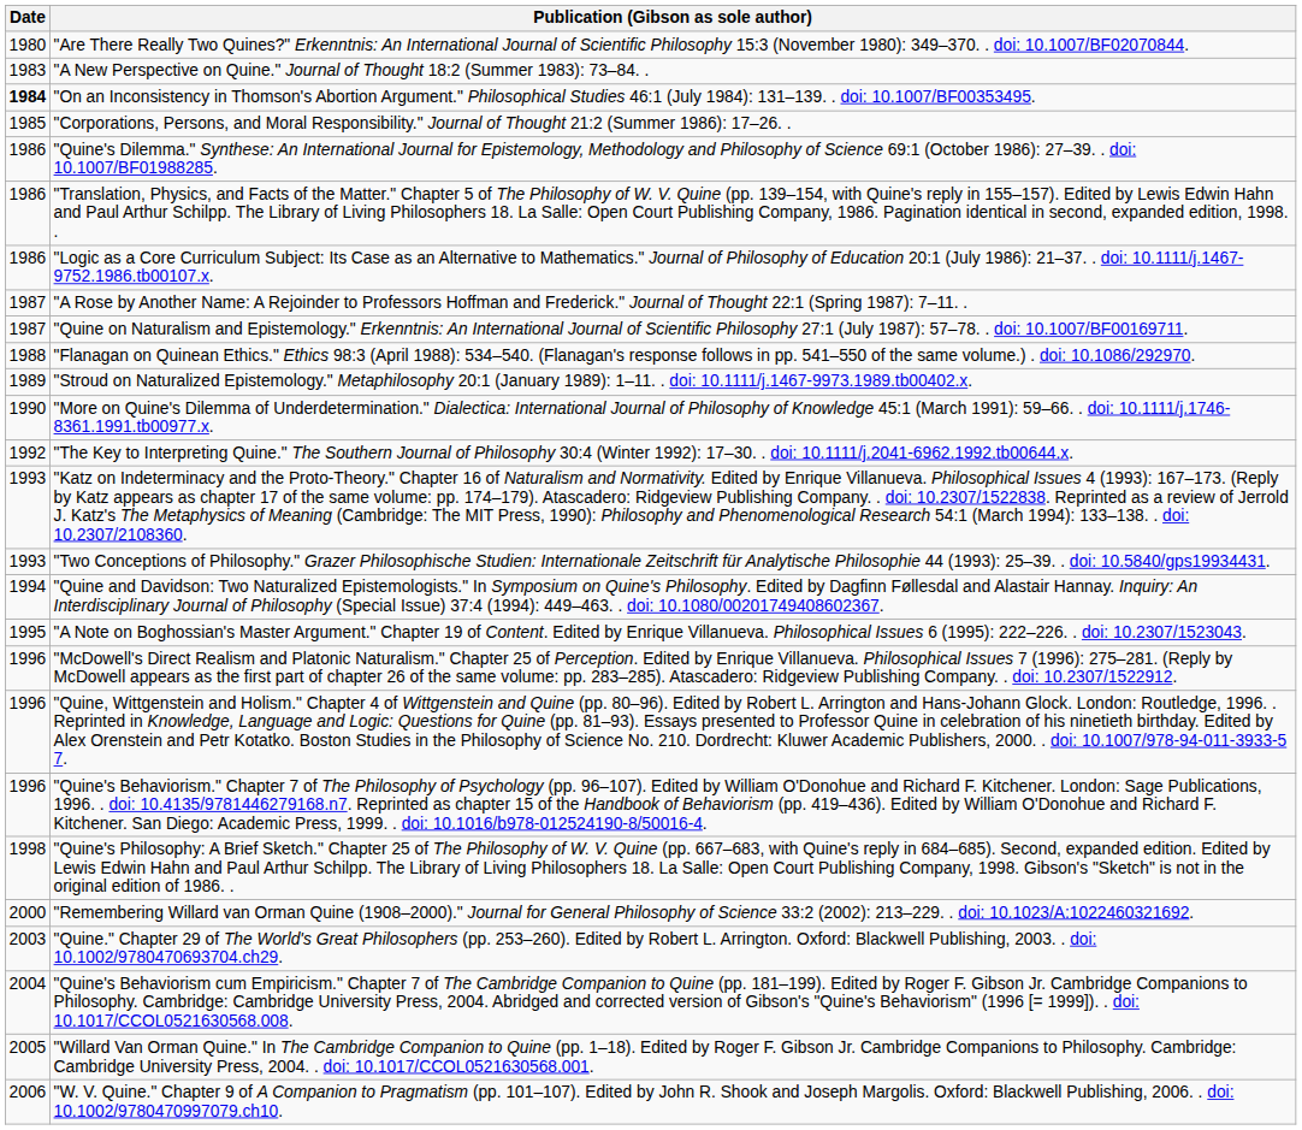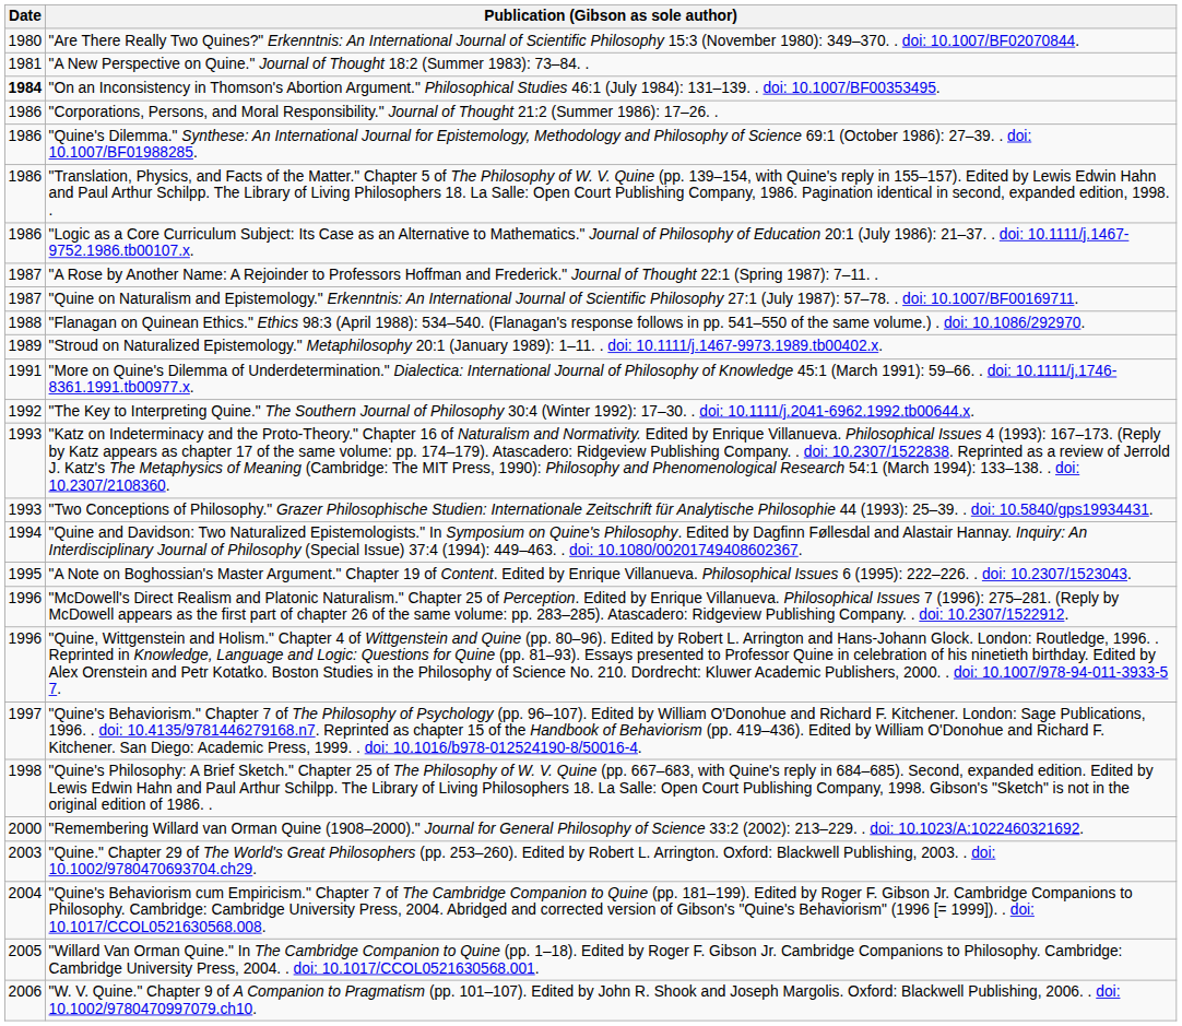 <table class="wikitable sortable">
 <tr>
 <th>Date</th>
 <th>Publication (Gibson as sole author)</th>
 </tr>
 <tr style="vertical-align:top;">
 <td>1980</td>
 <td>"Are There Really Two Quines?" <em>Erkenntnis: An International Journal of Scientific Philosophy</em> 15:3 (November 1980): 349–370. . <a href='#'>doi: 10.1007/BF02070844</a>.</td>
 </tr>
 <tr style="vertical-align:top;">
-<td>1983</td>
+<td>1981</td>
 <td>"A New Perspective on Quine." <em>Journal of Thought</em> 18:2 (Summer 1983): 73–84. .</td>
 </tr>
 <tr style="vertical-align:top;">
 <td><strong>1984</strong></td>
 <td>"On an Inconsistency in Thomson's Abortion Argument." <em>Philosophical Studies</em> 46:1 (July 1984): 131–139. . <a href='#'>doi: 10.1007/BF00353495</a>.</td>
 </tr>
 <tr style="vertical-align:top;">
-<td>1985</td>
+<td>1986</td>
 <td>"Corporations, Persons, and Moral Responsibility." <em>Journal of Thought</em> 21:2 (Summer 1986): 17–26. .</td>
 </tr>
 <tr style="vertical-align:top;">
 <td>1986</td>
 <td>"Quine's Dilemma." <em>Synthese: An International Journal for Epistemology, Methodology and Philosophy of Science</em> 69:1 (October 1986): 27–39. . <a href='#'>doi: 10.1007/BF01988285</a>.</td>
 </tr>
 <tr style="vertical-align:top;">
 <td>1986</td>
 <td>"Translation, Physics, and Facts of the Matter." Chapter 5 of <em>The Philosophy of W. V. Quine</em> (pp. 139–154, with Quine's reply in 155–157). Edited by Lewis Edwin Hahn and Paul Arthur Schilpp. The Library of Living Philosophers 18. La Salle: Open Court Publishing Company, 1986. Pagination identical in second, expanded edition, 1998. .</td>
 </tr>
 <tr style="vertical-align:top;">
 <td>1986</td>
 <td>"Logic as a Core Curriculum Subject: Its Case as an Alternative to Mathematics." <em>Journal of Philosophy of Education</em> 20:1 (July 1986): 21–37. . <a href='#'>doi: 10.1111/j.1467-9752.1986.tb00107.x</a>.</td>
 </tr>
 <tr style="vertical-align:top;">
 <td>1987</td>
 <td>"A Rose by Another Name: A Rejoinder to Professors Hoffman and Frederick." <em>Journal of Thought</em> 22:1 (Spring 1987): 7–11. .</td>
 </tr>
 <tr style="vertical-align:top;">
 <td>1987</td>
 <td>"Quine on Naturalism and Epistemology." <em>Erkenntnis: An International Journal of Scientific Philosophy</em> 27:1 (July 1987): 57–78. . <a href='#'>doi: 10.1007/BF00169711</a>.</td>
 </tr>
 <tr style="vertical-align:top;">
 <td>1988</td>
 <td>"Flanagan on Quinean Ethics." <em>Ethics</em> 98:3 (April 1988): 534–540. (Flanagan's response follows in pp. 541–550 of the same volume.) . <a href='#'>doi: 10.1086/292970</a>.</td>
 </tr>
 <tr style="vertical-align:top;">
 <td>1989</td>
 <td>"Stroud on Naturalized Epistemology." <em>Metaphilosophy</em> 20:1 (January 1989): 1–11. . <a href='#'>doi: 10.1111/j.1467-9973.1989.tb00402.x</a>.</td>
 </tr>
 <tr style="vertical-align:top;">
-<td>1990</td>
+<td>1991</td>
 <td>"More on Quine's Dilemma of Underdetermination." <em>Dialectica: International Journal of Philosophy of Knowledge</em> 45:1 (March 1991): 59–66. . <a href='#'>doi: 10.1111/j.1746-8361.1991.tb00977.x</a>.</td>
 </tr>
 <tr style="vertical-align:top;">
 <td>1992</td>
 <td>"The Key to Interpreting Quine." <em>The Southern Journal of Philosophy</em> 30:4 (Winter 1992): 17–30. . <a href='#'>doi: 10.1111/j.2041-6962.1992.tb00644.x</a>.</td>
 </tr>
 <tr style="vertical-align:top;">
 <td>1993</td>
 <td>"Katz on Indeterminacy and the Proto-Theory." Chapter 16 of <em>Naturalism and Normativity.</em> Edited by Enrique Villanueva. <em>Philosophical Issues</em> 4 (1993): 167–173. (Reply by Katz appears as chapter 17 of the same volume: pp. 174–179). Atascadero: Ridgeview Publishing Company. . <a href='#'>doi: 10.2307/1522838</a>. Reprinted as a review of Jerrold J. Katz's <em>The Metaphysics of Meaning</em> (Cambridge: The MIT Press, 1990): <em>Philosophy and Phenomenological Research</em> 54:1 (March 1994): 133–138. . <a href='#'>doi: 10.2307/2108360</a>.</td>
 </tr>
 <tr style="vertical-align:top;">
 <td>1993</td>
 <td>"Two Conceptions of Philosophy." <em>Grazer Philosophische Studien: Internationale Zeitschrift für Analytische Philosophie</em> 44 (1993): 25–39. . <a href='#'>doi: 10.5840/gps19934431</a>.</td>
 </tr>
 <tr style="vertical-align:top;">
 <td>1994</td>
 <td>"Quine and Davidson: Two Naturalized Epistemologists." In <em>Symposium on Quine's Philosophy</em>. Edited by Dagfinn Føllesdal and Alastair Hannay. <em>Inquiry: An Interdisciplinary Journal of Philosophy</em> (Special Issue) 37:4 (1994): 449–463. . <a href='#'>doi: 10.1080/00201749408602367</a>.</td>
 </tr>
 <tr style="vertical-align:top;">
 <td>1995</td>
 <td>"A Note on Boghossian's Master Argument." Chapter 19 of <em>Content</em>. Edited by Enrique Villanueva. <em>Philosophical Issues</em> 6 (1995): 222–226. . <a href='#'>doi: 10.2307/1523043</a>.</td>
 </tr>
 <tr style="vertical-align:top;">
 <td>1996</td>
 <td>"McDowell's Direct Realism and Platonic Naturalism." Chapter 25 of <em>Perception</em>. Edited by Enrique Villanueva. <em>Philosophical Issues</em> 7 (1996): 275–281. (Reply by McDowell appears as the first part of chapter 26 of the same volume: pp. 283–285). Atascadero: Ridgeview Publishing Company. . <a href='#'>doi: 10.2307/1522912</a>.</td>
 </tr>
 <tr style="vertical-align:top;">
 <td>1996</td>
 <td>"Quine, Wittgenstein and Holism." Chapter 4 of <em>Wittgenstein and Quine</em> (pp. 80–96). Edited by Robert L. Arrington and Hans-Johann Glock. London: Routledge, 1996. . Reprinted in <em>Knowledge, Language and Logic: Questions for Quine</em> (pp. 81–93). Essays presented to Professor Quine in celebration of his ninetieth birthday. Edited by Alex Orenstein and Petr Kotatko. Boston Studies in the Philosophy of Science No. 210. Dordrecht: Kluwer Academic Publishers, 2000. . <a href='#'>doi: 10.1007/978-94-011-3933-5 7</a>.</td>
 </tr>
 <tr style="vertical-align:top;">
-<td>1996</td>
+<td>1997</td>
 <td>"Quine's Behaviorism." Chapter 7 of <em>The Philosophy of Psychology</em> (pp. 96–107). Edited by William O'Donohue and Richard F. Kitchener. London: Sage Publications, 1996. . <a href='#'>doi: 10.4135/9781446279168.n7</a>. Reprinted as chapter 15 of the <em>Handbook of Behaviorism</em> (pp. 419–436). Edited by William O'Donohue and Richard F. Kitchener. San Diego: Academic Press, 1999. . <a href='#'>doi: 10.1016/b978-012524190-8/50016-4</a>.</td>
 </tr>
 <tr style="vertical-align:top;">
 <td>1998</td>
 <td>"Quine's Philosophy: A Brief Sketch." Chapter 25 of <em>The Philosophy of W. V. Quine</em> (pp. 667–683, with Quine's reply in 684–685). Second, expanded edition. Edited by Lewis Edwin Hahn and Paul Arthur Schilpp. The Library of Living Philosophers 18. La Salle: Open Court Publishing Company, 1998. Gibson's "Sketch" is not in the original edition of 1986. .</td>
 </tr>
 <tr style="vertical-align:top;">
 <td>2000</td>
 <td>"Remembering Willard van Orman Quine (1908–2000)." <em>Journal for General Philosophy of Science</em> 33:2 (2002): 213–229. . <a href='#'>doi: 10.1023/A:1022460321692</a>.</td>
 </tr>
 <tr style="vertical-align:top;">
 <td>2003</td>
 <td>"Quine." Chapter 29 of <em>The World's Great Philosophers</em> (pp. 253–260). Edited by Robert L. Arrington. Oxford: Blackwell Publishing, 2003. . <a href='#'>doi: 10.1002/9780470693704.ch29</a>.</td>
 </tr>
 <tr style="vertical-align:top;">
 <td>2004</td>
 <td>"Quine's Behaviorism cum Empiricism." Chapter 7 of <em>The Cambridge Companion to Quine</em> (pp. 181–199). Edited by Roger F. Gibson Jr. Cambridge Companions to Philosophy. Cambridge: Cambridge University Press, 2004. Abridged and corrected version of Gibson's "Quine's Behaviorism" (1996 [= 1999]). . <a href='#'>doi: 10.1017/CCOL0521630568.008</a>.</td>
 </tr>
 <tr style="vertical-align:top;">
 <td>2005</td>
 <td>"Willard Van Orman Quine." In <em>The Cambridge Companion to Quine</em> (pp. 1–18). Edited by Roger F. Gibson Jr. Cambridge Companions to Philosophy. Cambridge: Cambridge University Press, 2004. . <a href='#'>doi: 10.1017/CCOL0521630568.001</a>.</td>
 </tr>
 <tr style="vertical-align:top;">
 <td>2006</td>
 <td>"W. V. Quine." Chapter 9 of <em>A Companion to Pragmatism</em> (pp. 101–107). Edited by John R. Shook and Joseph Margolis. Oxford: Blackwell Publishing, 2006. . <a href='#'>doi: 10.1002/9780470997079.ch10</a>.</td>
 </tr>
 </table>
